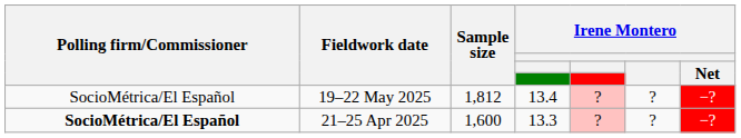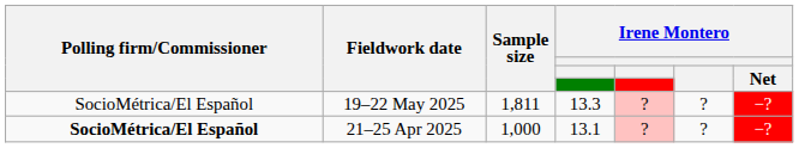 <table class="wikitable collapsible collapsed" style="text-align:center; font-size:90%; line-height:14px;">
 <tr style="height:42px;">
 <th style="width:250px;" rowspan="4">Polling firm/Commissioner</th>
 <th style="width:125px;" rowspan="4">Fieldwork date</th>
 <th style="width:50px;" rowspan="4">Sample size</th>
 <th style="width:185px;" colspan="4"><a href='#'>Irene Montero</a><br></th>
 </tr>
 <tr>
 <th colspan="4" style="background:"></th>
 </tr>
 <tr>
 <th style="width:30px;"></th>
 <th style="width:30px;"></th>
 <th style="width:30px;" rowspan="2"></th>
 <th style="width:30px;" rowspan="2">Net</th>
 </tr>
 <tr>
 <th style="color:inherit;background:#008000;"></th>
 <th style="color:inherit;background:#FF0000;"></th>
 </tr>
 <tr>
 <td>SocioMétrica/El Español</td>
 <td>19–22 May 2025</td>
-<td>1,812</td>
-<td>13.4</td>
+<td>1,811</td>
+<td>13.3</td>
 <td style="background:#FFC2C1;">?</td>
 <td>?</td>
 <td style="background:#FF0000; color:white;">−?</td>
 </tr>
 <tr>
 <td><strong>SocioMétrica/El Español</strong></td>
 <td>21–25 Apr 2025</td>
-<td>1,600</td>
-<td>13.3</td>
+<td>1,000</td>
+<td>13.1</td>
 <td style="background:#FFC2C1;">?</td>
 <td>?</td>
 <td style="background:#FF0000; color:white;">−?</td>
 </tr>
 </table>
